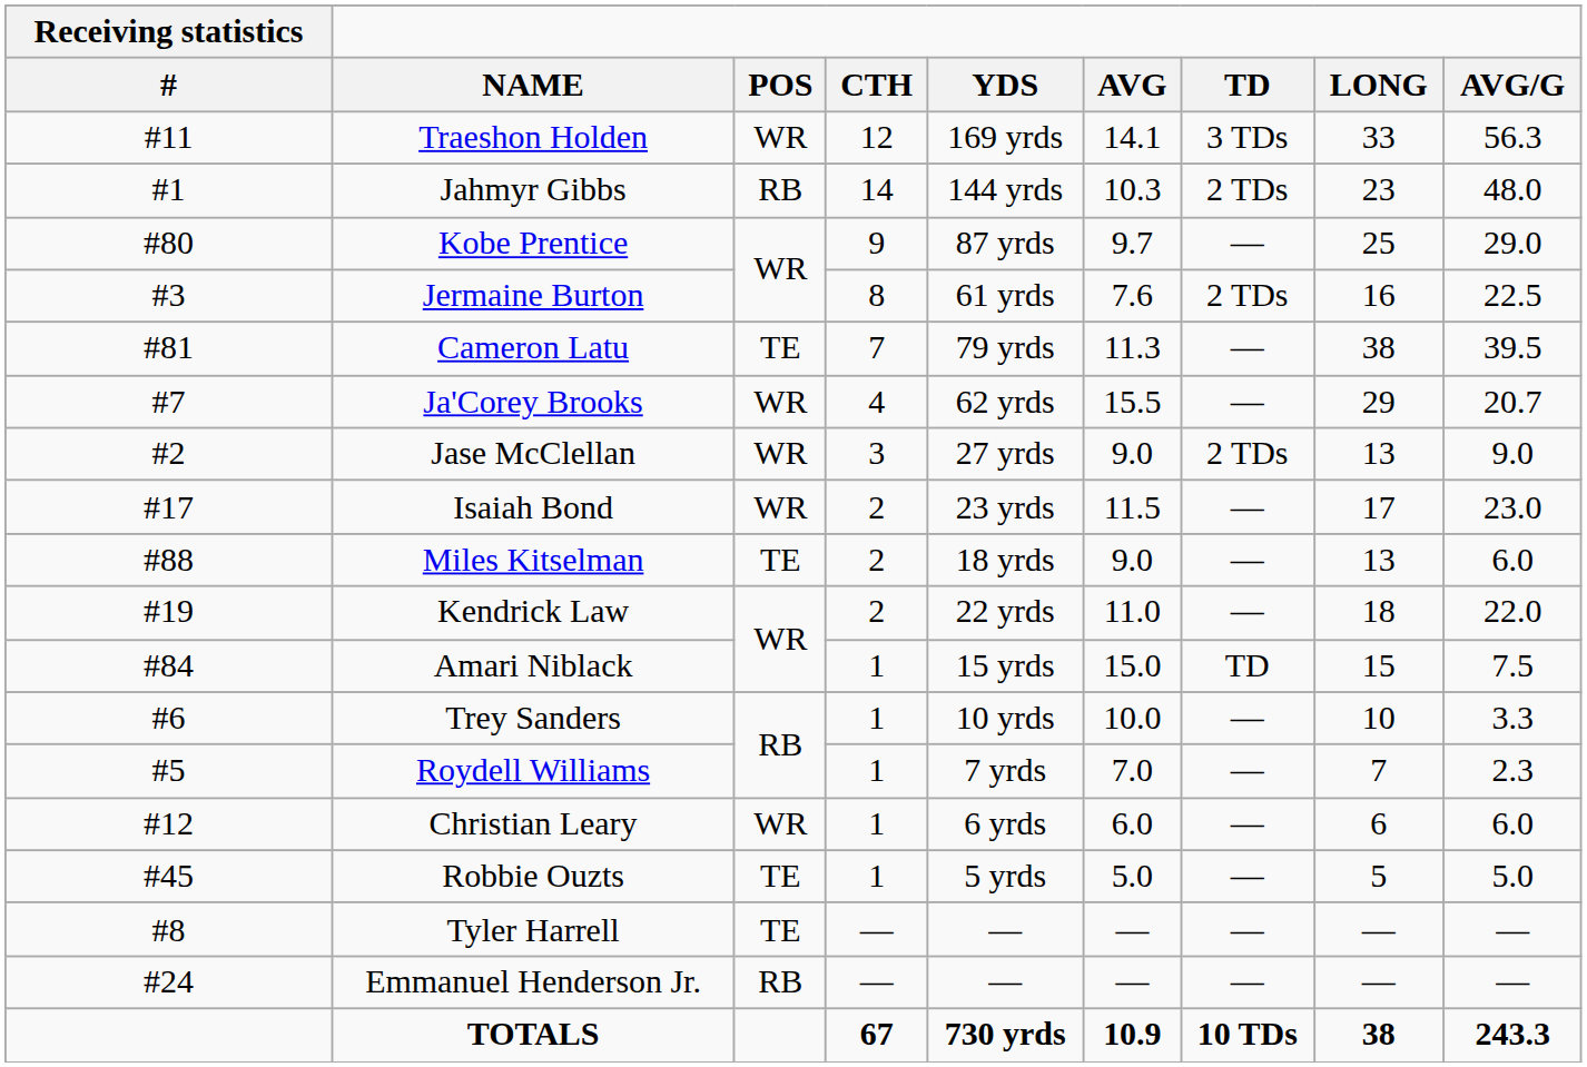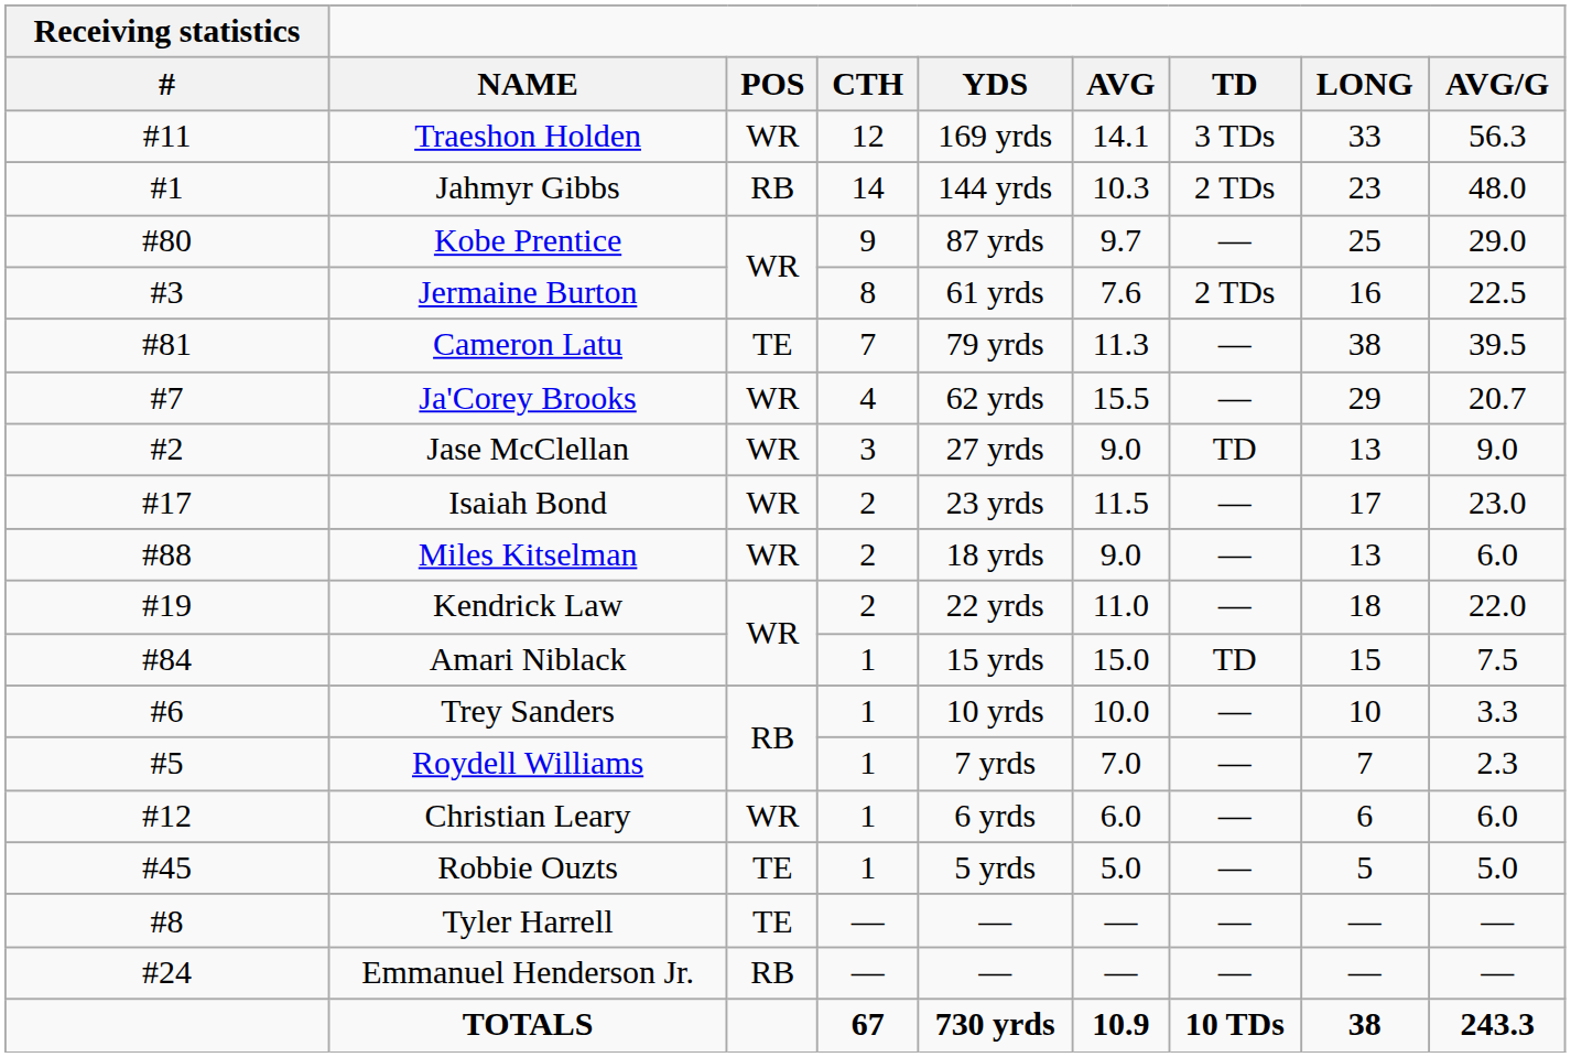 <table style="width:60%; text-align:center;" class="wikitable collapsible collapsed">
 <tr>
 <th style="text-align:center; ">Receiving statistics</th>
 </tr>
 <tr>
 <th>#</th>
 <th>NAME</th>
 <th>POS</th>
 <th>CTH</th>
 <th>YDS</th>
 <th>AVG</th>
 <th>TD</th>
 <th>LONG</th>
 <th>AVG/G</th>
 </tr>
 <tr>
 <td>#11</td>
 <td><a href='#'>Traeshon Holden</a></td>
 <td>WR</td>
 <td>12</td>
 <td>169 yrds</td>
 <td>14.1</td>
 <td>3 TDs</td>
 <td>33</td>
 <td>56.3</td>
 </tr>
 <tr>
 <td>#1</td>
 <td>Jahmyr Gibbs</td>
 <td>RB</td>
 <td>14</td>
 <td>144 yrds</td>
 <td>10.3</td>
 <td>2 TDs</td>
 <td>23</td>
 <td>48.0</td>
 </tr>
 <tr>
 <td>#80</td>
 <td><a href='#'>Kobe Prentice</a></td>
 <td rowspan=2>WR</td>
 <td>9</td>
 <td>87 yrds</td>
 <td>9.7</td>
 <td>—</td>
 <td>25</td>
 <td>29.0</td>
 </tr>
 <tr>
 <td>#3</td>
 <td><a href='#'>Jermaine Burton</a></td>
 <td>8</td>
 <td>61 yrds</td>
 <td>7.6</td>
 <td>2 TDs</td>
 <td>16</td>
 <td>22.5</td>
 </tr>
 <tr>
 <td>#81</td>
 <td><a href='#'>Cameron Latu</a></td>
 <td>TE</td>
 <td>7</td>
 <td>79 yrds</td>
 <td>11.3</td>
 <td>—</td>
 <td>38</td>
 <td>39.5</td>
 </tr>
 <tr>
 <td>#7</td>
 <td><a href='#'>Ja'Corey Brooks</a></td>
 <td>WR</td>
 <td>4</td>
 <td>62 yrds</td>
 <td>15.5</td>
 <td>—</td>
 <td>29</td>
 <td>20.7</td>
 </tr>
 <tr>
 <td>#2</td>
 <td>Jase McClellan</td>
 <td>WR</td>
 <td>3</td>
 <td>27 yrds</td>
 <td>9.0</td>
-<td>2 TDs</td>
+<td>TD</td>
 <td>13</td>
 <td>9.0</td>
 </tr>
 <tr>
 <td>#17</td>
 <td>Isaiah Bond</td>
 <td>WR</td>
 <td>2</td>
 <td>23 yrds</td>
 <td>11.5</td>
 <td>—</td>
 <td>17</td>
 <td>23.0</td>
 </tr>
 <tr>
 <td>#88</td>
 <td><a href='#'>Miles Kitselman</a></td>
-<td>TE</td>
+<td>WR</td>
 <td>2</td>
 <td>18 yrds</td>
 <td>9.0</td>
 <td>—</td>
 <td>13</td>
 <td>6.0</td>
 </tr>
 <tr>
 <td>#19</td>
 <td>Kendrick Law</td>
 <td rowspan=2>WR</td>
 <td>2</td>
 <td>22 yrds</td>
 <td>11.0</td>
 <td>—</td>
 <td>18</td>
 <td>22.0</td>
 </tr>
 <tr>
 <td>#84</td>
 <td>Amari Niblack</td>
 <td>1</td>
 <td>15 yrds</td>
 <td>15.0</td>
 <td>TD</td>
 <td>15</td>
 <td>7.5</td>
 </tr>
 <tr>
 <td>#6</td>
 <td>Trey Sanders</td>
 <td rowspan=2>RB</td>
 <td>1</td>
 <td>10 yrds</td>
 <td>10.0</td>
 <td>—</td>
 <td>10</td>
 <td>3.3</td>
 </tr>
 <tr>
 <td>#5</td>
 <td><a href='#'>Roydell Williams</a></td>
 <td>1</td>
 <td>7 yrds</td>
 <td>7.0</td>
 <td>—</td>
 <td>7</td>
 <td>2.3</td>
 </tr>
 <tr>
 <td>#12</td>
 <td>Christian Leary</td>
 <td>WR</td>
 <td>1</td>
 <td>6 yrds</td>
 <td>6.0</td>
 <td>—</td>
 <td>6</td>
 <td>6.0</td>
 </tr>
 <tr>
 <td>#45</td>
 <td>Robbie Ouzts</td>
 <td>TE</td>
 <td>1</td>
 <td>5 yrds</td>
 <td>5.0</td>
 <td>—</td>
 <td>5</td>
 <td>5.0</td>
 </tr>
 <tr>
 <td>#8</td>
 <td>Tyler Harrell</td>
 <td>TE</td>
 <td>—</td>
 <td>—</td>
 <td>—</td>
 <td>—</td>
 <td>—</td>
 <td>—</td>
 </tr>
 <tr>
 <td>#24</td>
 <td>Emmanuel Henderson Jr.</td>
 <td>RB</td>
 <td>—</td>
 <td>—</td>
 <td>—</td>
 <td>—</td>
 <td>—</td>
 <td>—</td>
 </tr>
 <tr>
 <td></td>
 <td><strong>TOTALS</strong></td>
 <td></td>
 <td><strong>67</strong></td>
 <td><strong>730 yrds</strong></td>
 <td><strong>10.9</strong></td>
 <td><strong>10 TDs</strong></td>
 <td><strong>38</strong></td>
 <td><strong>243.3</strong></td>
 </tr>
 </table>
